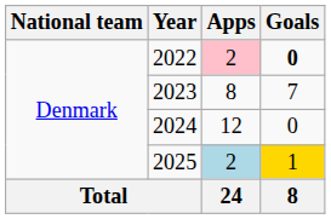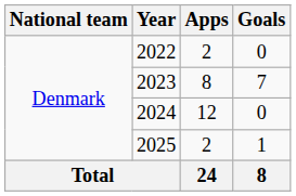 <table class="wikitable" style="text-align:center">
 <tr>
 <th>National team</th>
 <th>Year</th>
 <th>Apps</th>
 <th>Goals</th>
 </tr>
 <tr>
 <td rowspan="4"><a href='#'>Denmark</a></td>
 <td>2022</td>
-<td style="background: pink;">2</td>
-<td><strong>0</strong></td>
+<td>2</td>
+<td>0</td>
 </tr>
 <tr>
 <td>2023</td>
 <td>8</td>
 <td>7</td>
 </tr>
 <tr>
 <td>2024</td>
 <td>12</td>
 <td>0</td>
 </tr>
 <tr>
 <td>2025</td>
-<td style="background: lightblue;">2</td>
-<td style="background: gold;">1</td>
+<td>2</td>
+<td>1</td>
 </tr>
 <tr>
 <th colspan=2>Total</th>
 <th>24</th>
 <th>8</th>
 </tr>
 </table>
